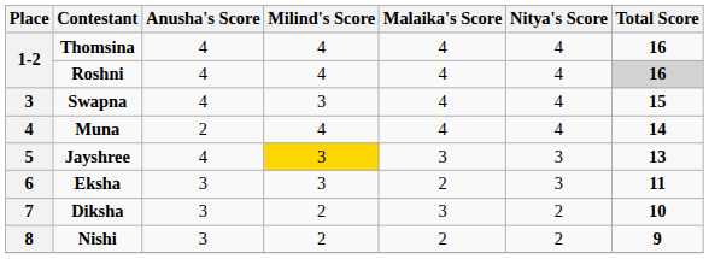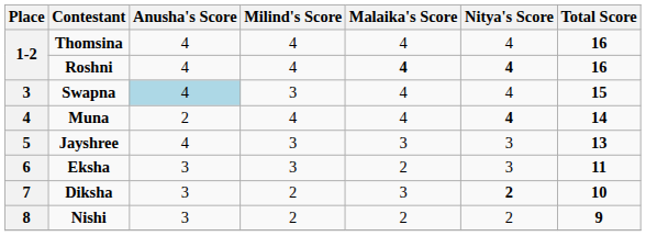 <table class="wikitable" style="text-align:center">
 <tr>
 <th>Place</th>
 <th>Contestant</th>
 <th scope="col">Anusha's Score</th>
 <th>Milind's Score</th>
 <th>Malaika's Score</th>
 <th>Nitya's Score</th>
 <th>Total Score</th>
 </tr>
 <tr>
 <th rowspan="2">1-2</th>
 <td><strong>Thomsina</strong></td>
 <td>4</td>
 <td>4</td>
 <td>4</td>
 <td>4</td>
 <td><strong>16</strong></td>
 </tr>
 <tr>
 <td><strong>Roshni</strong></td>
 <td>4</td>
 <td>4</td>
-<td>4</td>
-<td>4</td>
-<td style="background: lightgrey;"><strong>16</strong></td>
+<td><strong>4</strong></td>
+<td><strong>4</strong></td>
+<td><strong>16</strong></td>
 </tr>
 <tr>
 <th>3</th>
 <td><strong>Swapna</strong></td>
-<td>4</td>
+<td style="background: lightblue;">4</td>
 <td>3</td>
 <td>4</td>
 <td>4</td>
 <td><strong>15</strong></td>
 </tr>
 <tr>
 <th>4</th>
 <td><strong>Muna</strong></td>
 <td>2</td>
 <td>4</td>
 <td>4</td>
-<td>4</td>
+<td><strong>4</strong></td>
 <td><strong>14</strong></td>
 </tr>
 <tr>
 <th>5</th>
 <td><strong>Jayshree</strong></td>
 <td>4</td>
-<td style="background: gold;">3</td>
+<td>3</td>
 <td>3</td>
 <td>3</td>
 <td><strong>13</strong></td>
 </tr>
 <tr>
 <th>6</th>
 <td><strong>Eksha</strong></td>
 <td>3</td>
 <td>3</td>
 <td>2</td>
 <td>3</td>
 <td><strong>11</strong></td>
 </tr>
 <tr>
 <th>7</th>
 <td><strong>Diksha</strong></td>
 <td>3</td>
 <td>2</td>
 <td>3</td>
-<td>2</td>
+<td><strong>2</strong></td>
 <td><strong>10</strong></td>
 </tr>
 <tr>
 <th>8</th>
 <td><strong>Nishi</strong></td>
 <td>3</td>
 <td>2</td>
 <td>2</td>
 <td>2</td>
 <td><strong>9</strong></td>
 </tr>
 <tr>
 </tr>
 </table>
